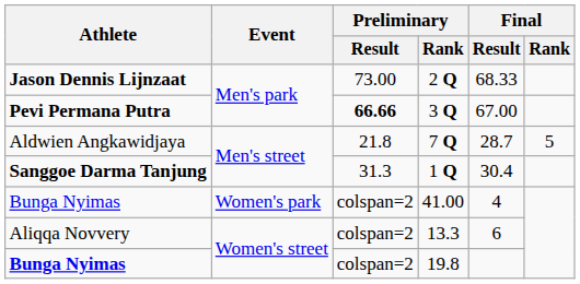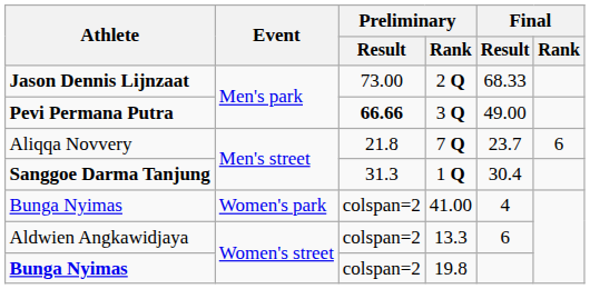 <table class=wikitable style=font-size:90%;text-align:center>
 <tr>
 <th rowspan=2>Athlete</th>
 <th rowspan=2>Event</th>
 <th colspan=2>Preliminary</th>
 <th colspan=2>Final</th>
 </tr>
 <tr style="font-size:95%">
 <th>Result</th>
 <th>Rank</th>
 <th>Result</th>
 <th>Rank</th>
 </tr>
 <tr>
 <td align=left><strong>Jason Dennis Lijnzaat</strong></td>
 <td align=left rowspan=2><a href='#'>Men's park</a></td>
 <td>73.00</td>
 <td>2 <strong>Q</strong></td>
 <td>68.33</td>
 <td></td>
 </tr>
 <tr>
 <td align=left><strong>Pevi Permana Putra</strong></td>
 <td><strong>66.66</strong></td>
 <td>3 <strong>Q</strong></td>
-<td>67.00</td>
+<td>49.00</td>
 <td></td>
 </tr>
 <tr>
-<td align=left>Aldwien Angkawidjaya</td>
+<td align=left>Aliqqa Novvery</td>
 <td align=left rowspan=2><a href='#'>Men's street</a></td>
 <td>21.8</td>
 <td>7 <strong>Q</strong></td>
-<td>28.7</td>
-<td>5</td>
+<td>23.7</td>
+<td>6</td>
 </tr>
 <tr>
 <td align=left><strong>Sanggoe Darma Tanjung</strong></td>
 <td>31.3</td>
 <td>1 <strong>Q</strong></td>
 <td>30.4</td>
 <td></td>
 </tr>
 <tr>
 <td align=left><a href='#'>Bunga Nyimas</a></td>
 <td align=left><a href='#'>Women's park</a></td>
 <td>colspan=2 </td>
 <td>41.00</td>
 <td>4</td>
 </tr>
 <tr>
-<td align=left>Aliqqa Novvery</td>
+<td align=left>Aldwien Angkawidjaya</td>
 <td align=left rowspan=2><a href='#'>Women's street</a></td>
 <td>colspan=2 </td>
 <td>13.3</td>
 <td>6</td>
 </tr>
 <tr>
 <td align=left><strong><a href='#'>Bunga Nyimas</a></strong></td>
 <td>colspan=2 </td>
 <td>19.8</td>
 <td></td>
 </tr>
 </table>
